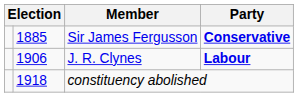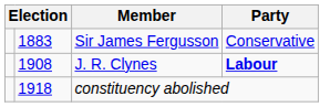 <table class="wikitable">
 <tr>
 <th colspan="2">Election</th>
 <th>Member </th>
 <th>Party</th>
 </tr>
 <tr>
 <td style="color:inherit;background: "></td>
-<td><a href='#'>1885</a></td>
+<td><a href='#'>1883</a></td>
 <td><a href='#'>Sir James Fergusson</a></td>
-<td><strong><a href='#'>Conservative</a></strong></td>
+<td><a href='#'>Conservative</a></td>
 </tr>
 <tr>
 <td style="color:inherit;background: "></td>
-<td><a href='#'>1906</a></td>
+<td><a href='#'>1908</a></td>
 <td><a href='#'>J. R. Clynes</a></td>
 <td><strong><a href='#'>Labour</a></strong></td>
 </tr>
 <tr>
 <td></td>
 <td><a href='#'>1918</a></td>
 <td colspan="2"><em>constituency abolished </em></td>
 </tr>
 </table>
